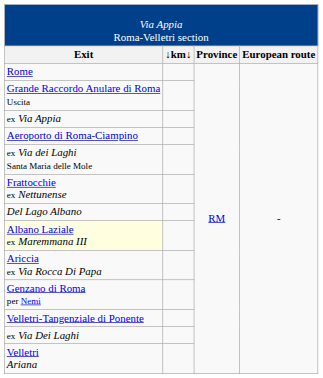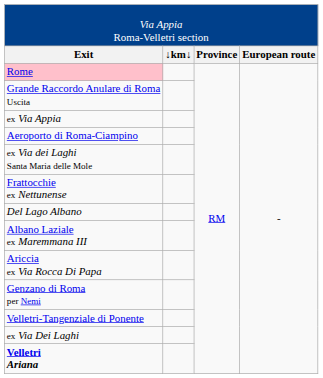 <table class="wikitable">
 <tr align="center" bgcolor="00408B" style="color: white;font-size:100%;">
 <td colspan="5"><br><em>Via Appia</em><br>Roma-Velletri section</td>
 </tr>
 <tr>
 <th>Exit</th>
 <th>↓km↓</th>
 <th>Province</th>
 <th>European route</th>
 </tr>
 <tr>
-<td> <a href='#'>Rome</a></td>
+<td style="background: pink;"> <a href='#'>Rome</a></td>
 <td align="right"></td>
 <td rowspan="13" align="center"><a href='#'>RM</a></td>
 <td rowspan="13" align="center">-</td>
 </tr>
 <tr>
 <td>  <a href='#'>Grande Raccordo Anulare di Roma</a><br><small>Uscita </small></td>
 <td align="right"></td>
 </tr>
 <tr>
 <td> <small>ex</small>  <em>Via Appia</em></td>
 <td align="right"></td>
 </tr>
 <tr>
 <td>  <a href='#'>Aeroporto di Roma-Ciampino</a></td>
 <td align="right"></td>
 </tr>
 <tr>
 <td> <small>ex</small>  <em>Via dei Laghi</em> <br> <small>Santa Maria delle Mole</small></td>
 <td align="right"></td>
 </tr>
 <tr>
 <td> <a href='#'>Frattocchie</a><br><small>ex</small>  <em>Nettunense</em></td>
 <td align="right"></td>
 </tr>
 <tr>
 <td>  <em>Del Lago Albano</em></td>
 <td align="right"></td>
 </tr>
 <tr>
-<td style="background: lightyellow;"> <a href='#'>Albano Laziale</a> <br>  <small>ex</small>  <em>Maremmana III</em></td>
+<td> <a href='#'>Albano Laziale</a> <br>  <small>ex</small>  <em>Maremmana III</em></td>
 <td align="right"></td>
 </tr>
 <tr>
 <td> <a href='#'>Ariccia</a> <br> <small>ex</small>  <em>Via Rocca Di Papa</em></td>
 <td align="right"></td>
 </tr>
 <tr ->
 <td> <a href='#'>Genzano di Roma</a> <br>  <small>per <a href='#'>Nemi</a></small></td>
 <td align="right"></td>
 </tr>
 <tr>
 <td>  <a href='#'>Velletri-Tangenziale di Ponente</a></td>
 <td align="right"></td>
 </tr>
 <tr>
 <td> <small>ex</small>  <em>Via Dei Laghi</em></td>
 <td align="right"></td>
 </tr>
 <tr>
-<td> <a href='#'>Velletri</a> <br>  <em>Ariana</em></td>
+<td><strong> <a href='#'>Velletri</a> <br>  <em>Ariana</em></strong></td>
 <td align="right"></td>
 </tr>
 </table>
